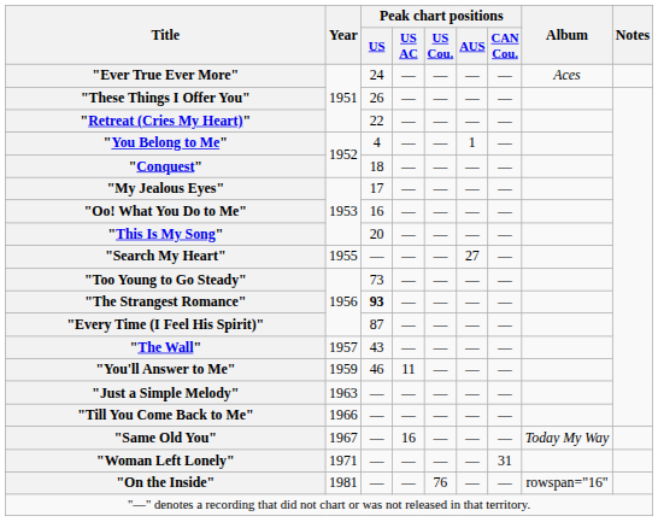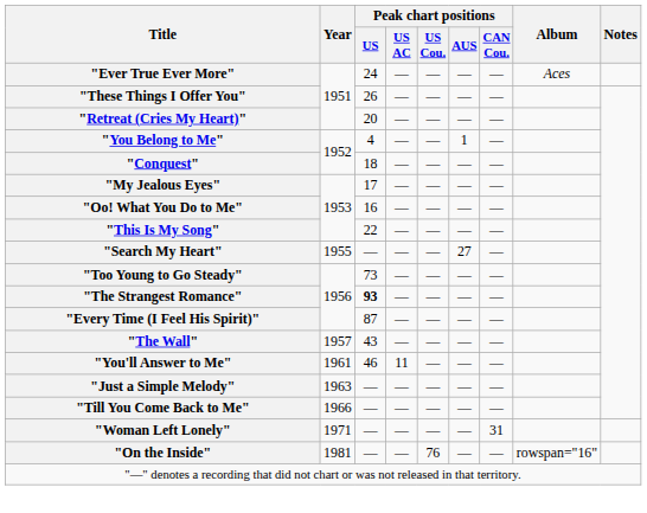 <table class="wikitable plainrowheaders" style="text-align:center;" border="1">
 <tr>
 <th scope="col" rowspan="2" style="width:22em;">Title</th>
 <th scope="col" rowspan="2">Year</th>
 <th scope="col" colspan="5">Peak chart positions</th>
 <th scope="col" rowspan="2">Album</th>
 <th scope="col" rowspan="2">Notes</th>
 </tr>
 <tr>
 <th scope="col" style="width:2em;font-size:90%;"><a href='#'>US</a><br></th>
 <th scope="col" style="width:2em;font-size:90%;"><a href='#'>US<br>AC</a><br></th>
 <th scope="col" style="width:2em;font-size:90%;"><a href='#'>US<br>Cou.</a><br></th>
 <th scope="col" style="width:2em;font-size:90%;"><a href='#'>AUS</a><br></th>
 <th scope="col" style="width:2em;font-size:90%;"><a href='#'>CAN<br>Cou.</a><br></th>
 </tr>
 <tr>
 <th scope="row">"Ever True Ever More"</th>
 <td rowspan="3">1951</td>
 <td>24</td>
 <td>—</td>
 <td>—</td>
 <td>—</td>
 <td>—</td>
 <td><em>Aces</em></td>
 <td></td>
 </tr>
 <tr>
 <th scope="row">"These Things I Offer You"</th>
 <td>26</td>
 <td>—</td>
 <td>—</td>
 <td>—</td>
 <td>—</td>
 <td></td>
 </tr>
 <tr>
 <th scope="row">"<a href='#'>Retreat (Cries My Heart)</a>"</th>
-<td>22</td>
+<td>20</td>
 <td>—</td>
 <td>—</td>
 <td>—</td>
 <td>—</td>
 <td></td>
 </tr>
 <tr>
 <th scope="row">"<a href='#'>You Belong to Me</a>"</th>
 <td rowspan="2">1952</td>
 <td>4</td>
 <td>—</td>
 <td>—</td>
 <td>1</td>
 <td>—</td>
 <td></td>
 </tr>
 <tr>
 <th scope="row">"<a href='#'>Conquest</a>"</th>
 <td>18</td>
 <td>—</td>
 <td>—</td>
 <td>—</td>
 <td>—</td>
 <td></td>
 </tr>
 <tr>
 <th scope="row">"My Jealous Eyes"</th>
 <td rowspan="3">1953</td>
 <td>17</td>
 <td>—</td>
 <td>—</td>
 <td>—</td>
 <td>—</td>
 <td></td>
 </tr>
 <tr>
 <th scope="row">"Oo! What You Do to Me"</th>
 <td>16</td>
 <td>—</td>
 <td>—</td>
 <td>—</td>
 <td>—</td>
 <td></td>
 </tr>
 <tr>
 <th scope="row">"<a href='#'>This Is My Song</a>"</th>
-<td>20</td>
+<td>22</td>
 <td>—</td>
 <td>—</td>
 <td>—</td>
 <td>—</td>
 <td></td>
 </tr>
 <tr>
 <th scope="row">"Search My Heart"</th>
 <td>1955</td>
 <td>—</td>
 <td>—</td>
 <td>—</td>
 <td>27</td>
 <td>—</td>
 <td></td>
 </tr>
 <tr>
 <th scope="row">"Too Young to Go Steady"</th>
 <td rowspan="3">1956</td>
 <td>73</td>
 <td>—</td>
 <td>—</td>
 <td>—</td>
 <td>—</td>
 <td></td>
 </tr>
 <tr>
 <th scope="row">"The Strangest Romance"</th>
 <td><strong>93</strong></td>
 <td>—</td>
 <td>—</td>
 <td>—</td>
 <td>—</td>
 <td></td>
 </tr>
 <tr>
 <th scope="row">"Every Time (I Feel His Spirit)"</th>
 <td>87</td>
 <td>—</td>
 <td>—</td>
 <td>—</td>
 <td>—</td>
 <td></td>
 </tr>
 <tr>
 <th scope="row">"<a href='#'>The Wall</a>"</th>
 <td>1957</td>
 <td>43</td>
 <td>—</td>
 <td>—</td>
 <td>—</td>
 <td>—</td>
 <td></td>
 </tr>
 <tr>
 <th scope="row">"You'll Answer to Me"</th>
-<td>1959</td>
+<td>1961</td>
 <td>46</td>
 <td>11</td>
 <td>—</td>
 <td>—</td>
 <td>—</td>
 <td></td>
 </tr>
 <tr>
 <th scope="row">"Just a Simple Melody"</th>
 <td>1963</td>
 <td>—</td>
 <td>—</td>
 <td>—</td>
 <td>—</td>
 <td>—</td>
 <td></td>
 </tr>
 <tr>
 <th scope="row">"Till You Come Back to Me"</th>
 <td>1966</td>
 <td>—</td>
 <td>—</td>
 <td>—</td>
 <td>—</td>
 <td>—</td>
 <td></td>
 </tr>
 <tr>
-<th scope="row">"Same Old You"</th>
-<td>1967</td>
-<td>—</td>
-<td>16</td>
-<td>—</td>
-<td>—</td>
-<td>—</td>
-<td><em>Today My Way</em></td>
-<td></td>
-</tr>
-<tr>
 <th scope="row">"Woman Left Lonely"</th>
 <td>1971</td>
 <td>—</td>
 <td>—</td>
 <td>—</td>
 <td>—</td>
 <td>31</td>
 <td></td>
 <td></td>
 </tr>
 <tr>
 <th scope="row">"On the Inside"</th>
 <td>1981</td>
 <td>—</td>
 <td>—</td>
 <td>76</td>
 <td>—</td>
 <td>—</td>
 <td>rowspan="16" </td>
 <td></td>
 </tr>
 <tr>
 <td colspan="9" style="font-size:90%">"—" denotes a recording that did not chart or was not released in that territory.</td>
 </tr>
 </table>
